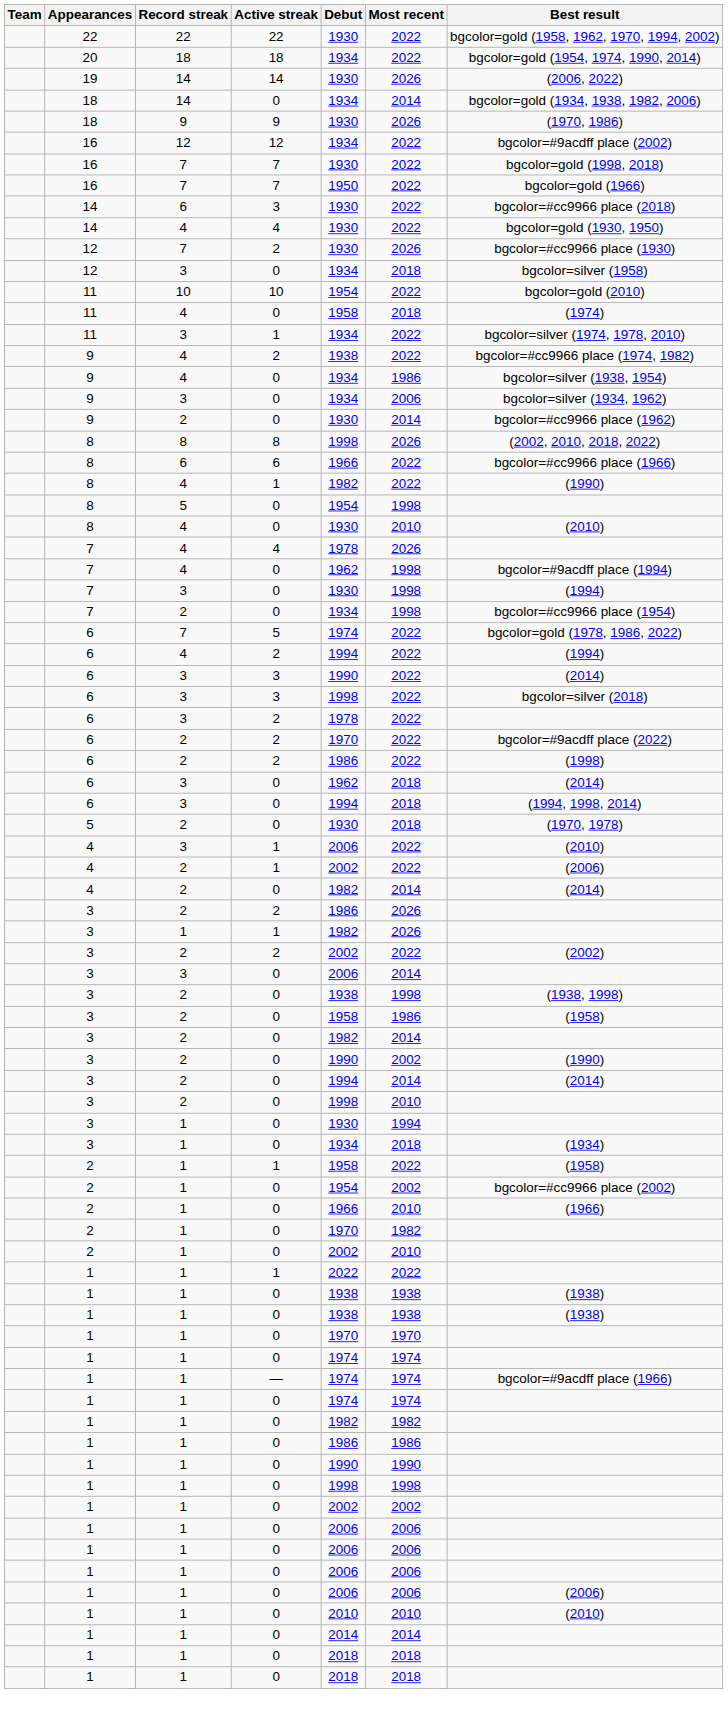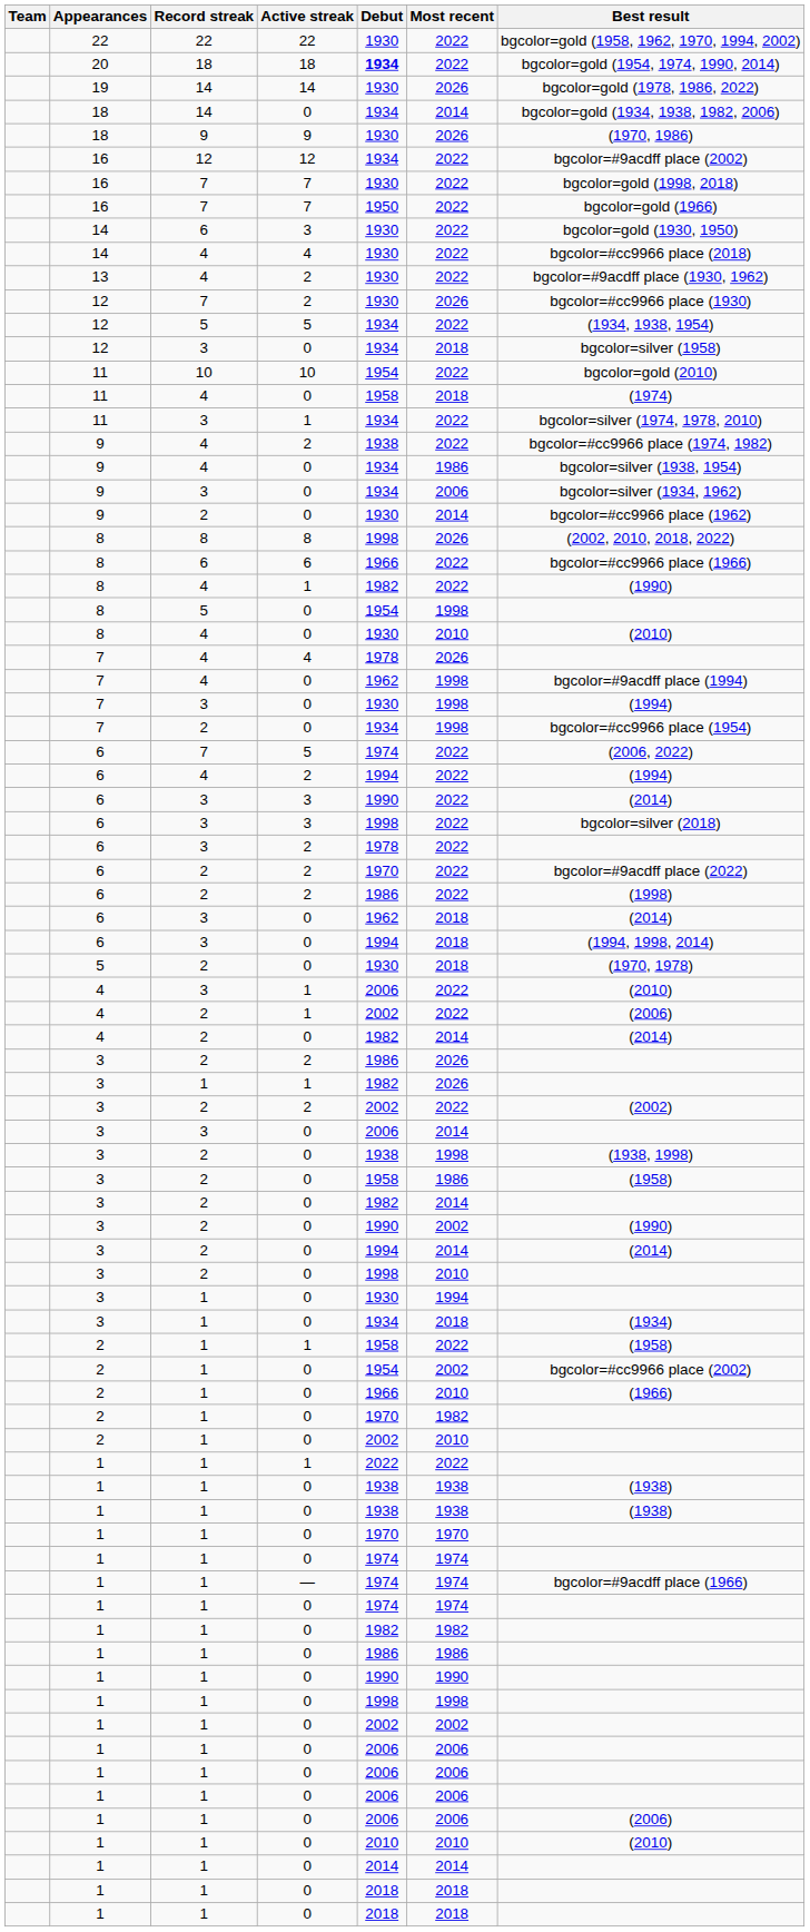 <table class="wikitable sortable" style="text-align: center">
 <tr>
 <th>Team</th>
 <th>Appearances</th>
 <th>Record streak</th>
 <th>Active streak</th>
 <th>Debut</th>
 <th>Most recent</th>
 <th>Best result</th>
 </tr>
 <tr>
 <td align="left"></td>
 <td>22</td>
 <td>22</td>
 <td>22</td>
 <td><a href='#'>1930</a></td>
 <td><a href='#'>2022</a></td>
 <td>bgcolor=gold  (<a href='#'>1958</a>, <a href='#'>1962</a>, <a href='#'>1970</a>, <a href='#'>1994</a>, <a href='#'>2002</a>)</td>
 </tr>
 <tr>
 <td align="left"></td>
 <td>20</td>
 <td>18</td>
 <td>18</td>
-<td><a href='#'>1934</a></td>
+<td><strong><a href='#'>1934</a></strong></td>
 <td><a href='#'>2022</a></td>
 <td>bgcolor=gold  (<a href='#'>1954</a>, <a href='#'>1974</a>, <a href='#'>1990</a>, <a href='#'>2014</a>)</td>
 </tr>
 <tr>
 <td align="left"></td>
 <td>19</td>
 <td>14</td>
 <td>14</td>
 <td><a href='#'>1930</a></td>
 <td><a href='#'>2026</a></td>
-<td> (<a href='#'>2006</a>, <a href='#'>2022</a>)</td>
+<td>bgcolor=gold  (<a href='#'>1978</a>, <a href='#'>1986</a>, <a href='#'>2022</a>)</td>
 </tr>
 <tr>
 <td align="left"></td>
 <td>18</td>
 <td>14</td>
 <td>0</td>
 <td><a href='#'>1934</a></td>
 <td><a href='#'>2014</a></td>
 <td>bgcolor=gold  (<a href='#'>1934</a>, <a href='#'>1938</a>, <a href='#'>1982</a>, <a href='#'>2006</a>)</td>
 </tr>
 <tr>
 <td align="left"></td>
 <td>18</td>
 <td>9</td>
 <td>9</td>
 <td><a href='#'>1930</a></td>
 <td><a href='#'>2026</a></td>
 <td> (<a href='#'>1970</a>, <a href='#'>1986</a>)</td>
 </tr>
 <tr>
 <td align="left"></td>
 <td>16</td>
 <td>12</td>
 <td>12</td>
 <td><a href='#'>1934</a></td>
 <td><a href='#'>2022</a></td>
 <td>bgcolor=#9acdff  place (<a href='#'>2002</a>)</td>
 </tr>
 <tr>
 <td align="left"></td>
 <td>16</td>
 <td>7</td>
 <td>7</td>
 <td><a href='#'>1930</a></td>
 <td><a href='#'>2022</a></td>
 <td>bgcolor=gold  (<a href='#'>1998</a>, <a href='#'>2018</a>)</td>
 </tr>
 <tr>
 <td align="left"></td>
 <td>16</td>
 <td>7</td>
 <td>7</td>
 <td><a href='#'>1950</a></td>
 <td><a href='#'>2022</a></td>
 <td>bgcolor=gold  (<a href='#'>1966</a>)</td>
 </tr>
 <tr>
 <td align="left"></td>
 <td>14</td>
 <td>6</td>
 <td>3</td>
 <td><a href='#'>1930</a></td>
 <td><a href='#'>2022</a></td>
-<td>bgcolor=#cc9966  place (<a href='#'>2018</a>)</td>
+<td>bgcolor=gold  (<a href='#'>1930</a>, <a href='#'>1950</a>)</td>
 </tr>
 <tr>
 <td align="left"></td>
 <td>14</td>
 <td>4</td>
 <td>4</td>
 <td><a href='#'>1930</a></td>
 <td><a href='#'>2022</a></td>
-<td>bgcolor=gold  (<a href='#'>1930</a>, <a href='#'>1950</a>)</td>
+<td>bgcolor=#cc9966  place (<a href='#'>2018</a>)</td>
+</tr>
+<tr>
+<td align="left"></td>
+<td>13</td>
+<td>4</td>
+<td>2</td>
+<td><a href='#'>1930</a></td>
+<td><a href='#'>2022</a></td>
+<td>bgcolor=#9acdff  place (<a href='#'>1930</a>, <a href='#'>1962</a>)</td>
 </tr>
 <tr>
 <td align="left"></td>
 <td>12</td>
 <td>7</td>
 <td>2</td>
 <td><a href='#'>1930</a></td>
 <td><a href='#'>2026</a></td>
 <td>bgcolor=#cc9966  place (<a href='#'>1930</a>)</td>
+</tr>
+<tr>
+<td align="left"></td>
+<td>12</td>
+<td>5</td>
+<td>5</td>
+<td><a href='#'>1934</a></td>
+<td><a href='#'>2022</a></td>
+<td> (<a href='#'>1934</a>, <a href='#'>1938</a>, <a href='#'>1954</a>)</td>
 </tr>
 <tr>
 <td align=left></td>
 <td>12</td>
 <td>3</td>
 <td>0</td>
 <td><a href='#'>1934</a></td>
 <td><a href='#'>2018</a></td>
 <td>bgcolor=silver  (<a href='#'>1958</a>)</td>
 </tr>
 <tr>
 <td align="left"></td>
 <td>11</td>
 <td>10</td>
 <td>10</td>
 <td><a href='#'>1954</a></td>
 <td><a href='#'>2022</a></td>
 <td>bgcolor=gold  (<a href='#'>2010</a>)</td>
 </tr>
 <tr>
 <td align="left"></td>
 <td>11</td>
 <td>4</td>
 <td>0</td>
 <td><a href='#'>1958</a></td>
 <td><a href='#'>2018</a></td>
 <td> (<a href='#'>1974</a>)</td>
 </tr>
 <tr>
 <td align="left"></td>
 <td>11</td>
 <td>3</td>
 <td>1</td>
 <td><a href='#'>1934</a></td>
 <td><a href='#'>2022</a></td>
 <td>bgcolor=silver  (<a href='#'>1974</a>, <a href='#'>1978</a>, <a href='#'>2010</a>)</td>
 </tr>
 <tr>
 <td align="left"></td>
 <td>9</td>
 <td>4</td>
 <td>2</td>
 <td><a href='#'>1938</a></td>
 <td><a href='#'>2022</a></td>
 <td>bgcolor=#cc9966  place (<a href='#'>1974</a>, <a href='#'>1982</a>)</td>
 </tr>
 <tr>
 <td align="left"></td>
 <td>9</td>
 <td>4</td>
 <td>0</td>
 <td><a href='#'>1934</a></td>
 <td><a href='#'>1986</a></td>
 <td>bgcolor=silver  (<a href='#'>1938</a>, <a href='#'>1954</a>)</td>
 </tr>
 <tr>
 <td align="left"></td>
 <td>9</td>
 <td>3</td>
 <td>0</td>
 <td><a href='#'>1934</a></td>
 <td><a href='#'>2006</a></td>
 <td>bgcolor=silver  (<a href='#'>1934</a>, <a href='#'>1962</a>)</td>
 </tr>
 <tr>
 <td align="left"></td>
 <td>9</td>
 <td>2</td>
 <td>0</td>
 <td><a href='#'>1930</a></td>
 <td><a href='#'>2014</a></td>
 <td>bgcolor=#cc9966  place (<a href='#'>1962</a>)</td>
 </tr>
 <tr>
 <td align="left"></td>
 <td>8</td>
 <td>8</td>
 <td>8</td>
 <td><a href='#'>1998</a></td>
 <td><a href='#'>2026</a></td>
 <td> (<a href='#'>2002</a>, <a href='#'>2010</a>, <a href='#'>2018</a>, <a href='#'>2022</a>)</td>
 </tr>
 <tr>
 <td align="left"></td>
 <td>8</td>
 <td>6</td>
 <td>6</td>
 <td><a href='#'>1966</a></td>
 <td><a href='#'>2022</a></td>
 <td>bgcolor=#cc9966  place (<a href='#'>1966</a>)</td>
 </tr>
 <tr>
 <td align="left"></td>
 <td>8</td>
 <td>4</td>
 <td>1</td>
 <td><a href='#'>1982</a></td>
 <td><a href='#'>2022</a></td>
 <td> (<a href='#'>1990</a>)</td>
 </tr>
 <tr>
 <td align="left"></td>
 <td>8</td>
 <td>5</td>
 <td>0</td>
 <td><a href='#'>1954</a></td>
 <td><a href='#'>1998</a></td>
 <td></td>
 </tr>
 <tr>
 <td align="left"></td>
 <td>8</td>
 <td>4</td>
 <td>0</td>
 <td><a href='#'>1930</a></td>
 <td><a href='#'>2010</a></td>
 <td> (<a href='#'>2010</a>)</td>
 </tr>
 <tr>
 <td align="left"></td>
 <td>7</td>
 <td>4</td>
 <td>4</td>
 <td><a href='#'>1978</a></td>
 <td><a href='#'>2026</a></td>
 <td></td>
 </tr>
 <tr>
 <td align="left"></td>
 <td>7</td>
 <td>4</td>
 <td>0</td>
 <td><a href='#'>1962</a></td>
 <td><a href='#'>1998</a></td>
 <td>bgcolor=#9acdff  place (<a href='#'>1994</a>)</td>
 </tr>
 <tr>
 <td align="left"></td>
 <td>7</td>
 <td>3</td>
 <td>0</td>
 <td><a href='#'>1930</a></td>
 <td><a href='#'>1998</a></td>
 <td> (<a href='#'>1994</a>)</td>
 </tr>
 <tr>
 <td align="left"></td>
 <td>7</td>
 <td>2</td>
 <td>0</td>
 <td><a href='#'>1934</a></td>
 <td><a href='#'>1998</a></td>
 <td>bgcolor=#cc9966  place (<a href='#'>1954</a>)</td>
 </tr>
 <tr>
 <td align="left"></td>
 <td>6</td>
 <td>7</td>
 <td>5</td>
 <td><a href='#'>1974</a></td>
 <td><a href='#'>2022</a></td>
-<td>bgcolor=gold  (<a href='#'>1978</a>, <a href='#'>1986</a>, <a href='#'>2022</a>)</td>
+<td> (<a href='#'>2006</a>, <a href='#'>2022</a>)</td>
 </tr>
 <tr>
 <td align="left"></td>
 <td>6</td>
 <td>4</td>
 <td>2</td>
 <td><a href='#'>1994</a></td>
 <td><a href='#'>2022</a></td>
 <td> (<a href='#'>1994</a>)</td>
 </tr>
 <tr>
 <td align="left"></td>
 <td>6</td>
 <td>3</td>
 <td>3</td>
 <td><a href='#'>1990</a></td>
 <td><a href='#'>2022</a></td>
 <td> (<a href='#'>2014</a>)</td>
 </tr>
 <tr>
 <td align="left"></td>
 <td>6</td>
 <td>3</td>
 <td>3</td>
 <td><a href='#'>1998</a></td>
 <td><a href='#'>2022</a></td>
 <td>bgcolor=silver  (<a href='#'>2018</a>)</td>
 </tr>
 <tr>
 <td align="left"></td>
 <td>6</td>
 <td>3</td>
 <td>2</td>
 <td><a href='#'>1978</a></td>
 <td><a href='#'>2022</a></td>
 <td></td>
 </tr>
 <tr>
 <td align="left"></td>
 <td>6</td>
 <td>2</td>
 <td>2</td>
 <td><a href='#'>1970</a></td>
 <td><a href='#'>2022</a></td>
 <td>bgcolor=#9acdff  place (<a href='#'>2022</a>)</td>
 </tr>
 <tr>
 <td align="left"></td>
 <td>6</td>
 <td>2</td>
 <td>2</td>
 <td><a href='#'>1986</a></td>
 <td><a href='#'>2022</a></td>
 <td> (<a href='#'>1998</a>)</td>
 </tr>
 <tr>
 <td align="left"></td>
 <td>6</td>
 <td>3</td>
 <td>0</td>
 <td><a href='#'>1962</a></td>
 <td><a href='#'>2018</a></td>
 <td> (<a href='#'>2014</a>)</td>
 </tr>
 <tr>
 <td align="left"></td>
 <td>6</td>
 <td>3</td>
 <td>0</td>
 <td><a href='#'>1994</a></td>
 <td><a href='#'>2018</a></td>
 <td> (<a href='#'>1994</a>, <a href='#'>1998</a>, <a href='#'>2014</a>)</td>
 </tr>
 <tr>
 <td align="left"></td>
 <td>5</td>
 <td>2</td>
 <td>0</td>
 <td><a href='#'>1930</a></td>
 <td><a href='#'>2018</a></td>
 <td> (<a href='#'>1970</a>, <a href='#'>1978</a>)</td>
 </tr>
 <tr>
 <td align="left"></td>
 <td>4</td>
 <td>3</td>
 <td>1</td>
 <td><a href='#'>2006</a></td>
 <td><a href='#'>2022</a></td>
 <td> (<a href='#'>2010</a>)</td>
 </tr>
 <tr>
 <td align="left"></td>
 <td>4</td>
 <td>2</td>
 <td>1</td>
 <td><a href='#'>2002</a></td>
 <td><a href='#'>2022</a></td>
 <td> (<a href='#'>2006</a>)</td>
 </tr>
 <tr>
 <td align="left"></td>
 <td>4</td>
 <td>2</td>
 <td>0</td>
 <td><a href='#'>1982</a></td>
 <td><a href='#'>2014</a></td>
 <td> (<a href='#'>2014</a>)</td>
 </tr>
 <tr>
 <td align="left"></td>
 <td>3</td>
 <td>2</td>
 <td>2</td>
 <td><a href='#'>1986</a></td>
 <td><a href='#'>2026</a></td>
 <td></td>
 </tr>
 <tr>
 <td align="left"></td>
 <td>3</td>
 <td>1</td>
 <td>1</td>
 <td><a href='#'>1982</a></td>
 <td><a href='#'>2026</a></td>
 <td></td>
 </tr>
 <tr>
 <td align="left"></td>
 <td>3</td>
 <td>2</td>
 <td>2</td>
 <td><a href='#'>2002</a></td>
 <td><a href='#'>2022</a></td>
 <td> (<a href='#'>2002</a>)</td>
 </tr>
 <tr>
 <td align="left"></td>
 <td>3</td>
 <td>3</td>
 <td>0</td>
 <td><a href='#'>2006</a></td>
 <td><a href='#'>2014</a></td>
 <td></td>
 </tr>
 <tr>
 <td align="left"></td>
 <td>3</td>
 <td>2</td>
 <td>0</td>
 <td><a href='#'>1938</a></td>
 <td><a href='#'>1998</a></td>
 <td> (<a href='#'>1938</a>, <a href='#'>1998</a>)</td>
 </tr>
 <tr>
 <td align="left"></td>
 <td>3</td>
 <td>2</td>
 <td>0</td>
 <td><a href='#'>1958</a></td>
 <td><a href='#'>1986</a></td>
 <td> (<a href='#'>1958</a>)</td>
 </tr>
 <tr>
 <td align="left"></td>
 <td>3</td>
 <td>2</td>
 <td>0</td>
 <td><a href='#'>1982</a></td>
 <td><a href='#'>2014</a></td>
 <td></td>
 </tr>
 <tr>
 <td align="left"></td>
 <td>3</td>
 <td>2</td>
 <td>0</td>
 <td><a href='#'>1990</a></td>
 <td><a href='#'>2002</a></td>
 <td> (<a href='#'>1990</a>)</td>
 </tr>
 <tr>
 <td align="left"></td>
 <td>3</td>
 <td>2</td>
 <td>0</td>
 <td><a href='#'>1994</a></td>
 <td><a href='#'>2014</a></td>
 <td> (<a href='#'>2014</a>)</td>
 </tr>
 <tr>
 <td align="left"></td>
 <td>3</td>
 <td>2</td>
 <td>0</td>
 <td><a href='#'>1998</a></td>
 <td><a href='#'>2010</a></td>
 <td></td>
 </tr>
 <tr>
 <td align="left"></td>
 <td>3</td>
 <td>1</td>
 <td>0</td>
 <td><a href='#'>1930</a></td>
 <td><a href='#'>1994</a></td>
 <td></td>
 </tr>
 <tr>
 <td align="left"></td>
 <td>3</td>
 <td>1</td>
 <td>0</td>
 <td><a href='#'>1934</a></td>
 <td><a href='#'>2018</a></td>
 <td> (<a href='#'>1934</a>)</td>
 </tr>
 <tr>
 <td align="left"></td>
 <td>2</td>
 <td>1</td>
 <td>1</td>
 <td><a href='#'>1958</a></td>
 <td><a href='#'>2022</a></td>
 <td> (<a href='#'>1958</a>)</td>
 </tr>
 <tr>
 <td align="left"></td>
 <td>2</td>
 <td>1</td>
 <td>0</td>
 <td><a href='#'>1954</a></td>
 <td><a href='#'>2002</a></td>
 <td>bgcolor=#cc9966  place (<a href='#'>2002</a>)</td>
 </tr>
 <tr>
 <td align="left"></td>
 <td>2</td>
 <td>1</td>
 <td>0</td>
 <td><a href='#'>1966</a></td>
 <td><a href='#'>2010</a></td>
 <td> (<a href='#'>1966</a>)</td>
 </tr>
 <tr>
 <td align="left"></td>
 <td>2</td>
 <td>1</td>
 <td>0</td>
 <td><a href='#'>1970</a></td>
 <td><a href='#'>1982</a></td>
 <td></td>
 </tr>
 <tr>
 <td align="left"></td>
 <td>2</td>
 <td>1</td>
 <td>0</td>
 <td><a href='#'>2002</a></td>
 <td><a href='#'>2010</a></td>
 <td></td>
 </tr>
 <tr>
 <td align="left"></td>
 <td>1</td>
 <td>1</td>
 <td>1</td>
 <td><a href='#'>2022</a></td>
 <td><a href='#'>2022</a></td>
 <td></td>
 </tr>
 <tr>
 <td align="left"></td>
 <td>1</td>
 <td>1</td>
 <td>0</td>
 <td><a href='#'>1938</a></td>
 <td><a href='#'>1938</a></td>
 <td> (<a href='#'>1938</a>)</td>
 </tr>
 <tr>
 <td align="left"></td>
 <td>1</td>
 <td>1</td>
 <td>0</td>
 <td><a href='#'>1938</a></td>
 <td><a href='#'>1938</a></td>
 <td> (<a href='#'>1938</a>)</td>
 </tr>
 <tr>
 <td align="left"></td>
 <td>1</td>
 <td>1</td>
 <td>0</td>
 <td><a href='#'>1970</a></td>
 <td><a href='#'>1970</a></td>
 <td></td>
 </tr>
 <tr>
 <td align="left"></td>
 <td>1</td>
 <td>1</td>
 <td>0</td>
 <td><a href='#'>1974</a></td>
 <td><a href='#'>1974</a></td>
 <td></td>
 </tr>
 <tr>
 <td align="left"></td>
 <td>1</td>
 <td>1</td>
 <td>—</td>
 <td><a href='#'>1974</a></td>
 <td><a href='#'>1974</a></td>
 <td>bgcolor=#9acdff  place (<a href='#'>1966</a>)</td>
 </tr>
 <tr>
 <td align="left"></td>
 <td>1</td>
 <td>1</td>
 <td>0</td>
 <td><a href='#'>1974</a></td>
 <td><a href='#'>1974</a></td>
 <td></td>
 </tr>
 <tr>
 <td align="left"></td>
 <td>1</td>
 <td>1</td>
 <td>0</td>
 <td><a href='#'>1982</a></td>
 <td><a href='#'>1982</a></td>
 <td></td>
 </tr>
 <tr>
 <td align="left"></td>
 <td>1</td>
 <td>1</td>
 <td>0</td>
 <td><a href='#'>1986</a></td>
 <td><a href='#'>1986</a></td>
 <td></td>
 </tr>
 <tr>
 <td align="left"></td>
 <td>1</td>
 <td>1</td>
 <td>0</td>
 <td><a href='#'>1990</a></td>
 <td><a href='#'>1990</a></td>
 <td></td>
 </tr>
 <tr>
 <td align="left"></td>
 <td>1</td>
 <td>1</td>
 <td>0</td>
 <td><a href='#'>1998</a></td>
 <td><a href='#'>1998</a></td>
 <td></td>
 </tr>
 <tr>
 <td align="left"></td>
 <td>1</td>
 <td>1</td>
 <td>0</td>
 <td><a href='#'>2002</a></td>
 <td><a href='#'>2002</a></td>
 <td></td>
 </tr>
 <tr>
 <td align="left"></td>
 <td>1</td>
 <td>1</td>
 <td>0</td>
 <td><a href='#'>2006</a></td>
 <td><a href='#'>2006</a></td>
 <td></td>
 </tr>
 <tr>
 <td align="left"></td>
 <td>1</td>
 <td>1</td>
 <td>0</td>
 <td><a href='#'>2006</a></td>
 <td><a href='#'>2006</a></td>
 <td></td>
 </tr>
 <tr>
 <td align="left"></td>
 <td>1</td>
 <td>1</td>
 <td>0</td>
 <td><a href='#'>2006</a></td>
 <td><a href='#'>2006</a></td>
 <td></td>
 </tr>
 <tr>
 <td align="left"></td>
 <td>1</td>
 <td>1</td>
 <td>0</td>
 <td><a href='#'>2006</a></td>
 <td><a href='#'>2006</a></td>
 <td> (<a href='#'>2006</a>)</td>
 </tr>
 <tr>
 <td align="left"></td>
 <td>1</td>
 <td>1</td>
 <td>0</td>
 <td><a href='#'>2010</a></td>
 <td><a href='#'>2010</a></td>
 <td> (<a href='#'>2010</a>)</td>
 </tr>
 <tr>
 <td align="left"></td>
 <td>1</td>
 <td>1</td>
 <td>0</td>
 <td><a href='#'>2014</a></td>
 <td><a href='#'>2014</a></td>
 <td></td>
 </tr>
 <tr>
 <td align="left"></td>
 <td>1</td>
 <td>1</td>
 <td>0</td>
 <td><a href='#'>2018</a></td>
 <td><a href='#'>2018</a></td>
 <td></td>
 </tr>
 <tr>
 <td align="left"></td>
 <td>1</td>
 <td>1</td>
 <td>0</td>
 <td><a href='#'>2018</a></td>
 <td><a href='#'>2018</a></td>
 <td></td>
 </tr>
 </table>
